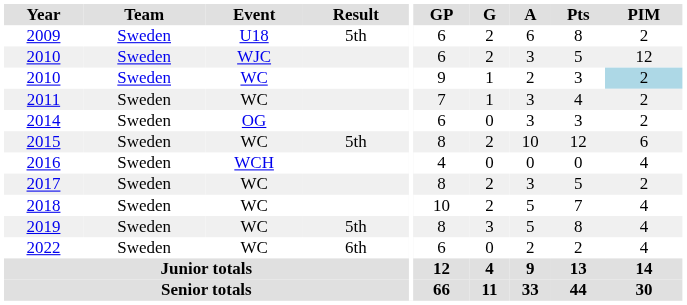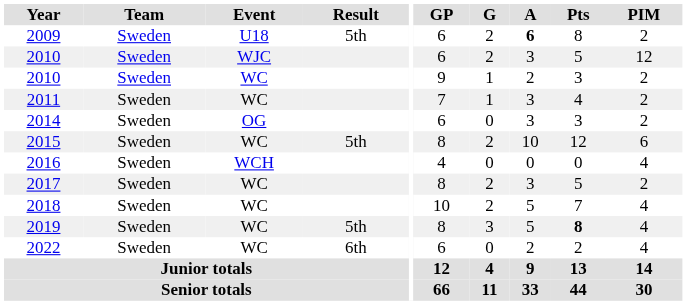 <table border="0" cellpadding="1" cellspacing="0" ID="Table3" style="text-align:center; width:40em;">
 <tr bgcolor="#e0e0e0">
 <th>Year</th>
 <th>Team</th>
 <th>Event</th>
 <th>Result</th>
 <th rowspan="99" bgcolor="#ffffff"></th>
 <th>GP</th>
 <th>G</th>
 <th>A</th>
 <th>Pts</th>
 <th>PIM</th>
 </tr>
 <tr>
 <td><a href='#'>2009</a></td>
 <td><a href='#'>Sweden</a></td>
 <td><a href='#'>U18</a></td>
 <td>5th</td>
 <td>6</td>
 <td>2</td>
-<td>6</td>
+<td><strong>6</strong></td>
 <td>8</td>
 <td>2</td>
 </tr>
 <tr bgcolor="f0f0f0">
 <td><a href='#'>2010</a></td>
 <td><a href='#'>Sweden</a></td>
 <td><a href='#'>WJC</a></td>
 <td></td>
 <td>6</td>
 <td>2</td>
 <td>3</td>
 <td>5</td>
 <td>12</td>
 </tr>
 <tr>
 <td><a href='#'>2010</a></td>
 <td><a href='#'>Sweden</a></td>
 <td><a href='#'>WC</a></td>
 <td></td>
 <td>9</td>
 <td>1</td>
 <td>2</td>
 <td>3</td>
-<td style="background: lightblue;">2</td>
+<td>2</td>
 </tr>
 <tr bgcolor="f0f0f0">
 <td><a href='#'>2011</a></td>
 <td>Sweden</td>
 <td>WC</td>
 <td></td>
 <td>7</td>
 <td>1</td>
 <td>3</td>
 <td>4</td>
 <td>2</td>
 </tr>
 <tr>
 <td><a href='#'>2014</a></td>
 <td>Sweden</td>
 <td><a href='#'>OG</a></td>
 <td></td>
 <td>6</td>
 <td>0</td>
 <td>3</td>
 <td>3</td>
 <td>2</td>
 </tr>
 <tr bgcolor="f0f0f0">
 <td><a href='#'>2015</a></td>
 <td>Sweden</td>
 <td>WC</td>
 <td>5th</td>
 <td>8</td>
 <td>2</td>
 <td>10</td>
 <td>12</td>
 <td>6</td>
 </tr>
 <tr>
 <td><a href='#'>2016</a></td>
 <td>Sweden</td>
 <td><a href='#'>WCH</a></td>
 <td></td>
 <td>4</td>
 <td>0</td>
 <td>0</td>
 <td>0</td>
 <td>4</td>
 </tr>
 <tr bgcolor="f0f0f0">
 <td><a href='#'>2017</a></td>
 <td>Sweden</td>
 <td>WC</td>
 <td></td>
 <td>8</td>
 <td>2</td>
 <td>3</td>
 <td>5</td>
 <td>2</td>
 </tr>
 <tr>
 <td><a href='#'>2018</a></td>
 <td>Sweden</td>
 <td>WC</td>
 <td></td>
 <td>10</td>
 <td>2</td>
 <td>5</td>
 <td>7</td>
 <td>4</td>
 </tr>
 <tr bgcolor="f0f0f0">
 <td><a href='#'>2019</a></td>
 <td>Sweden</td>
 <td>WC</td>
 <td>5th</td>
 <td>8</td>
 <td>3</td>
 <td>5</td>
-<td>8</td>
+<td><strong>8</strong></td>
 <td>4</td>
 </tr>
 <tr>
 <td><a href='#'>2022</a></td>
 <td>Sweden</td>
 <td>WC</td>
 <td>6th</td>
 <td>6</td>
 <td>0</td>
 <td>2</td>
 <td>2</td>
 <td>4</td>
 </tr>
 <tr bgcolor="#e0e0e0">
 <th colspan="4">Junior totals</th>
 <th>12</th>
 <th>4</th>
 <th>9</th>
 <th>13</th>
 <th>14</th>
 </tr>
 <tr bgcolor="#e0e0e0">
 <th colspan="4">Senior totals</th>
 <th>66</th>
 <th>11</th>
 <th>33</th>
 <th>44</th>
 <th>30</th>
 </tr>
 </table>
